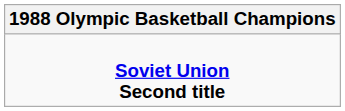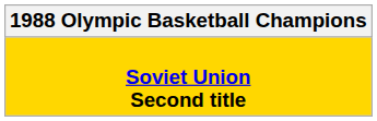 <table class=wikitable style="text-align:center;">
 <tr>
 <th>1988 Olympic Basketball Champions</th>
 </tr>
 <tr>
-<td> <br> <strong><a href='#'>Soviet Union</a></strong> <br> <strong>Second title</strong></td>
+<td style="background: gold;"> <br> <strong><a href='#'>Soviet Union</a></strong> <br> <strong>Second title</strong></td>
 </tr>
 </table>
